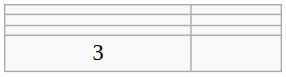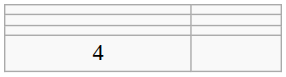 <table class="wikitable" width="200px">
 <tr>
 <td align=center></td>
 <td></td>
 </tr>
 <tr>
 <td align=center></td>
 <td></td>
 </tr>
 <tr>
 <td align=center></td>
 <td></td>
 </tr>
 <tr>
-<td align=center>3</td>
+<td align=center>4</td>
 <td></td>
 </tr>
 </table>
